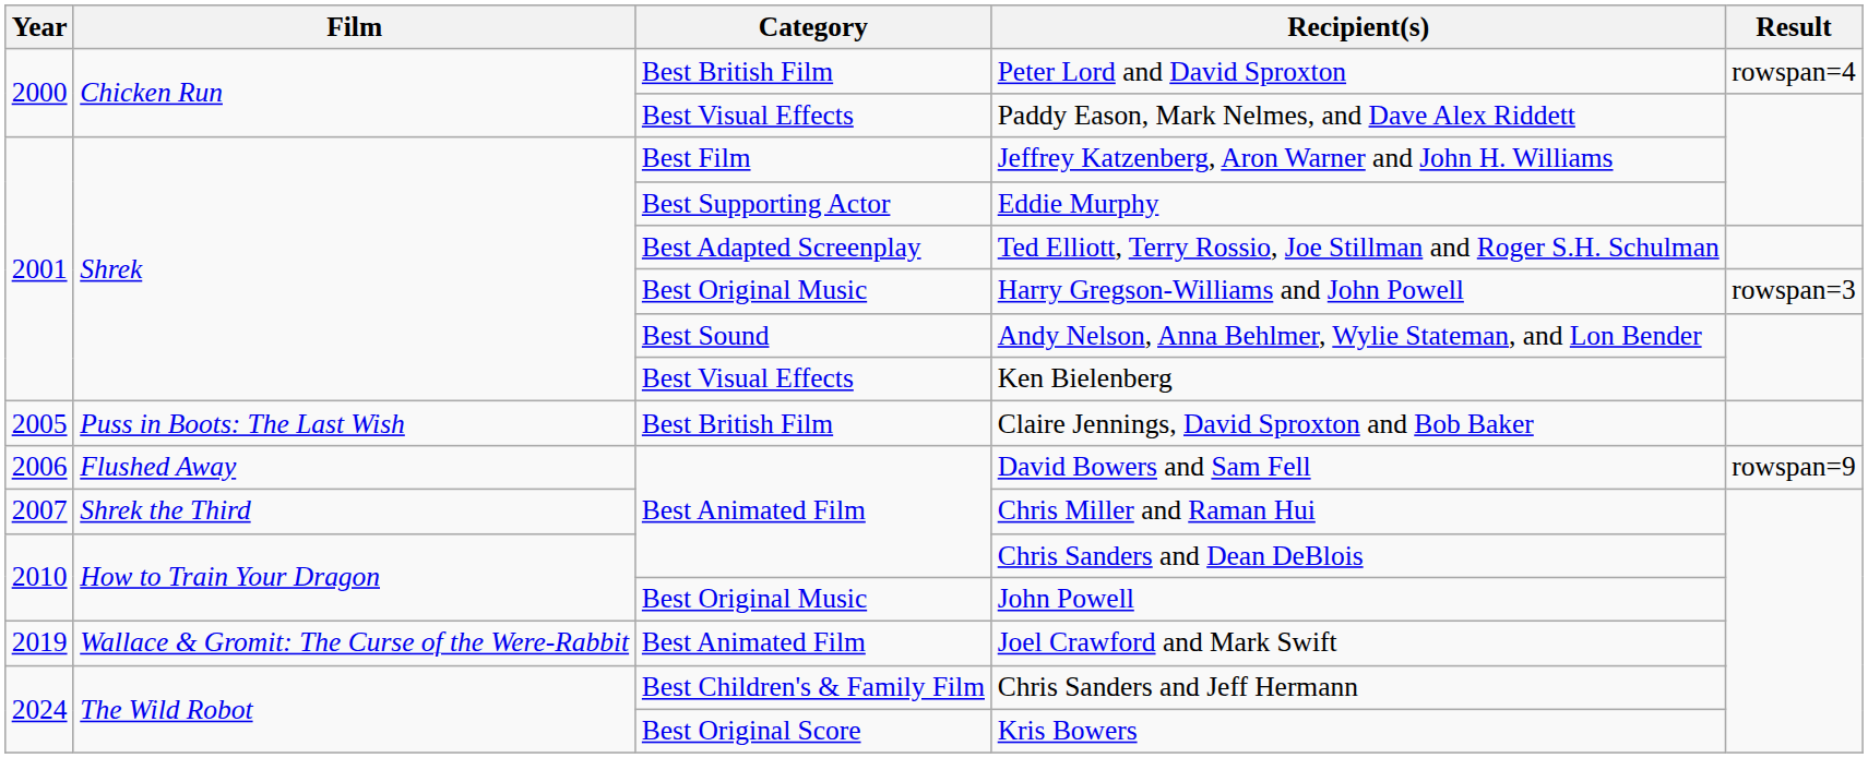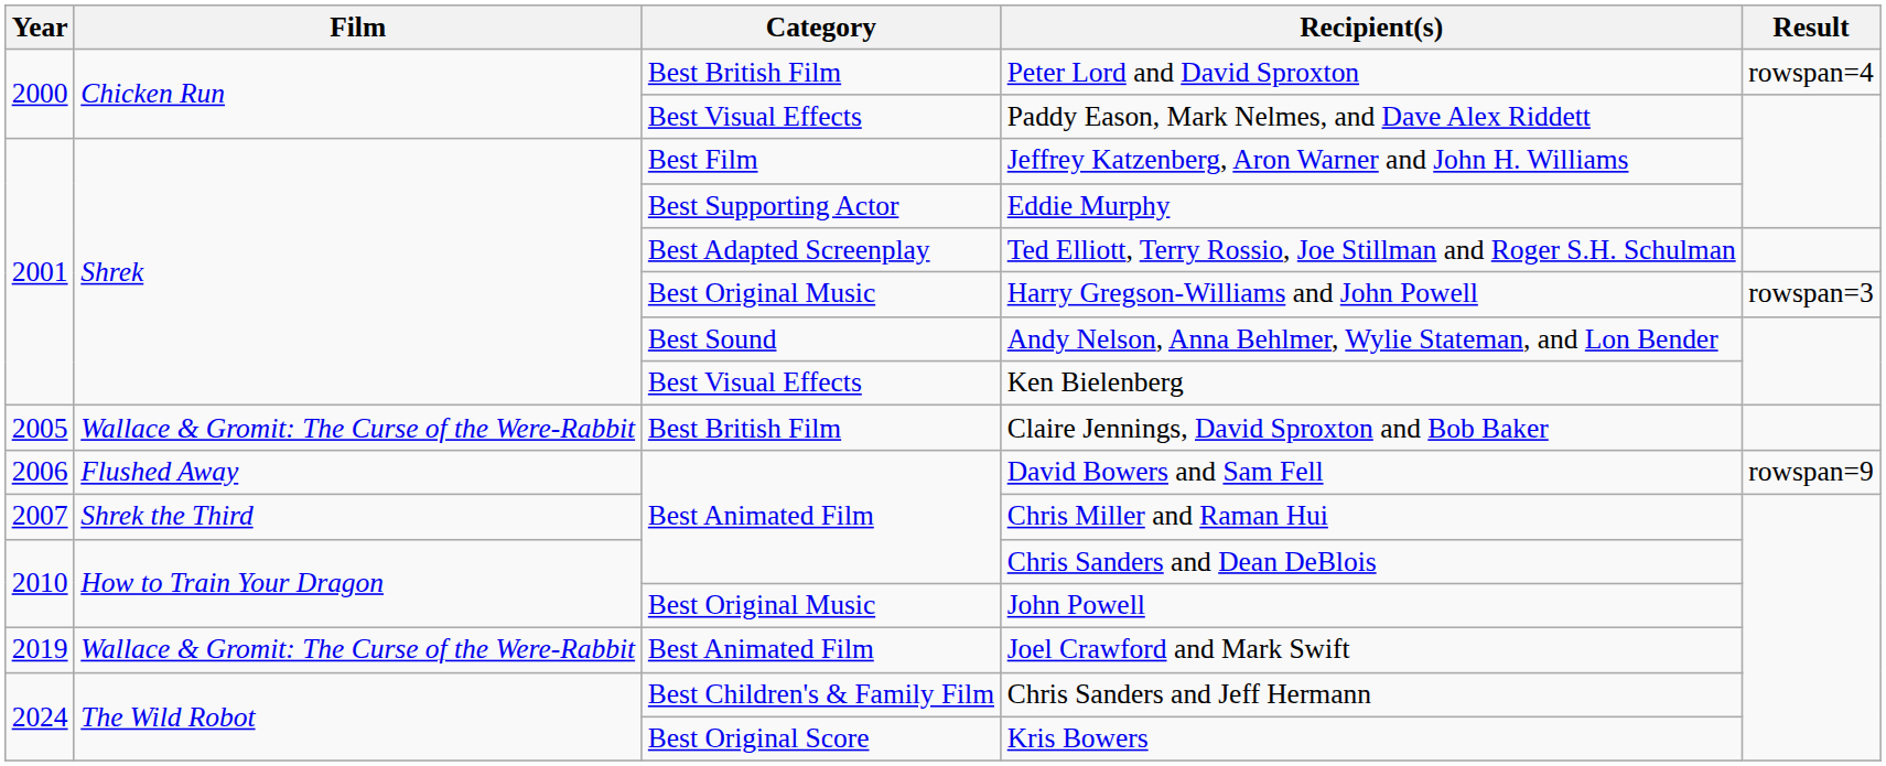 <table class="wikitable">
 <tr>
 <th>Year</th>
 <th>Film</th>
 <th>Category</th>
 <th>Recipient(s)</th>
 <th>Result</th>
 </tr>
 <tr>
 <td rowspan=2><a href='#'>2000</a></td>
 <td rowspan=2><em><a href='#'>Chicken Run</a></em></td>
 <td><a href='#'>Best British Film</a></td>
 <td><a href='#'>Peter Lord</a> and <a href='#'>David Sproxton</a></td>
 <td>rowspan=4 </td>
 </tr>
 <tr>
 <td><a href='#'>Best Visual Effects</a></td>
 <td>Paddy Eason, Mark Nelmes, and <a href='#'>Dave Alex Riddett</a></td>
 </tr>
 <tr>
 <td rowspan=6><a href='#'>2001</a></td>
 <td rowspan=6><em><a href='#'>Shrek</a></em></td>
 <td><a href='#'>Best Film</a></td>
 <td><a href='#'>Jeffrey Katzenberg</a>, <a href='#'>Aron Warner</a> and <a href='#'>John H. Williams</a></td>
 </tr>
 <tr>
 <td><a href='#'>Best Supporting Actor</a></td>
 <td><a href='#'>Eddie Murphy</a></td>
 </tr>
 <tr>
 <td><a href='#'>Best Adapted Screenplay</a></td>
 <td><a href='#'>Ted Elliott</a>, <a href='#'>Terry Rossio</a>, <a href='#'>Joe Stillman</a> and <a href='#'>Roger S.H. Schulman</a></td>
 <td></td>
 </tr>
 <tr>
 <td><a href='#'>Best Original Music</a></td>
 <td><a href='#'>Harry Gregson-Williams</a> and <a href='#'>John Powell</a></td>
 <td>rowspan=3 </td>
 </tr>
 <tr>
 <td><a href='#'>Best Sound</a></td>
 <td><a href='#'>Andy Nelson</a>, <a href='#'>Anna Behlmer</a>, <a href='#'>Wylie Stateman</a>, and <a href='#'>Lon Bender</a></td>
 </tr>
 <tr>
 <td><a href='#'>Best Visual Effects</a></td>
 <td>Ken Bielenberg</td>
 </tr>
 <tr>
 <td><a href='#'>2005</a></td>
-<td><em><a href='#'>Puss in Boots: The Last Wish</a></em></td>
+<td><em><a href='#'>Wallace & Gromit: The Curse of the Were-Rabbit</a></em></td>
 <td><a href='#'>Best British Film</a></td>
 <td>Claire Jennings, <a href='#'>David Sproxton</a> and <a href='#'>Bob Baker</a></td>
 <td></td>
 </tr>
 <tr>
 <td><a href='#'>2006</a></td>
 <td><em><a href='#'>Flushed Away</a></em></td>
 <td rowspan=3><a href='#'>Best Animated Film</a></td>
 <td><a href='#'>David Bowers</a> and <a href='#'>Sam Fell</a></td>
 <td>rowspan=9 </td>
 </tr>
 <tr>
 <td><a href='#'>2007</a></td>
 <td><em><a href='#'>Shrek the Third</a></em></td>
 <td><a href='#'>Chris Miller</a> and <a href='#'>Raman Hui</a></td>
 </tr>
 <tr>
 <td rowspan=2><a href='#'>2010</a></td>
 <td rowspan=2><em><a href='#'>How to Train Your Dragon</a></em></td>
 <td><a href='#'>Chris Sanders</a> and <a href='#'>Dean DeBlois</a></td>
 </tr>
 <tr>
 <td><a href='#'>Best Original Music</a></td>
 <td><a href='#'>John Powell</a></td>
 </tr>
 <tr>
 <td><a href='#'>2019</a></td>
 <td><em><a href='#'>Wallace & Gromit: The Curse of the Were-Rabbit</a></em></td>
 <td rowspan=2><a href='#'>Best Animated Film</a></td>
 <td><a href='#'>Joel Crawford</a> and Mark Swift</td>
 </tr>
 <tr>
 <td rowspan=3><a href='#'>2024</a></td>
 <td rowspan=3><em><a href='#'>The Wild Robot</a></em></td>
 <td rowspan=2>Chris Sanders and Jeff Hermann</td>
 </tr>
 <tr>
 <td><a href='#'>Best Children's & Family Film</a></td>
 </tr>
 <tr>
 <td><a href='#'>Best Original Score</a></td>
 <td><a href='#'>Kris Bowers</a></td>
 </tr>
 </table>
